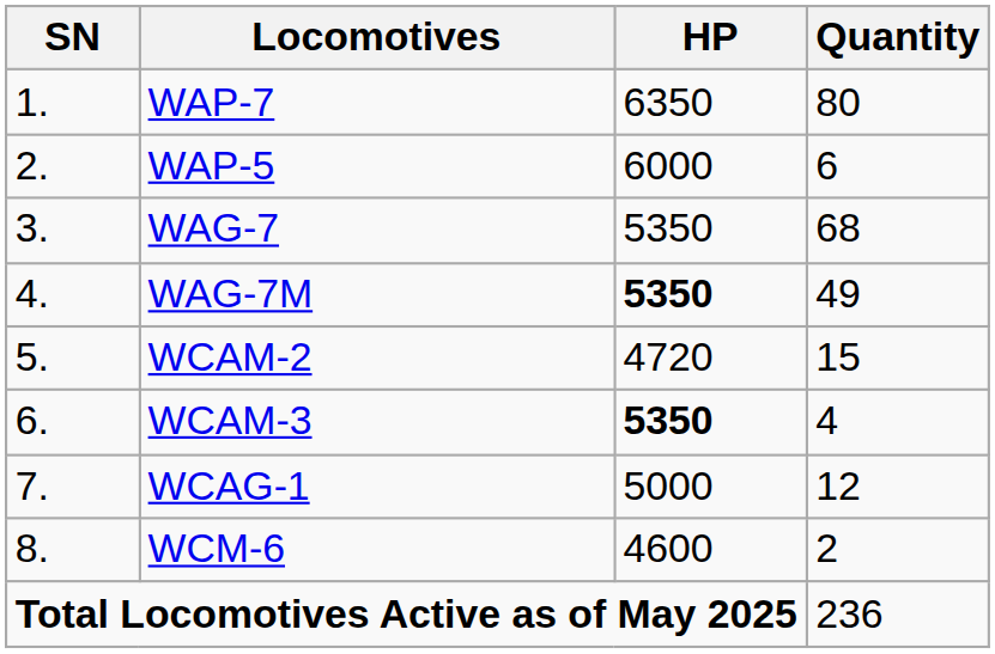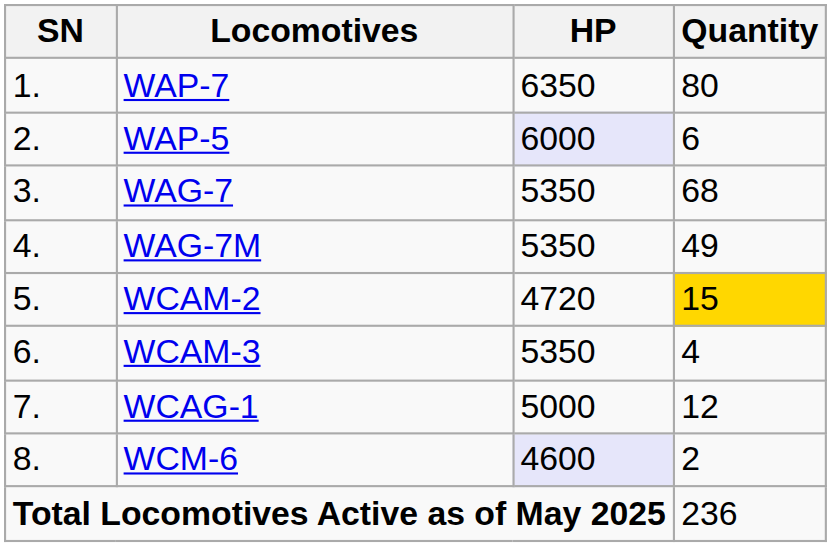 <table class="wikitable">
 <tr>
 <th>SN</th>
 <th>Locomotives</th>
 <th>HP</th>
 <th>Quantity</th>
 </tr>
 <tr>
 <td>1.</td>
 <td><a href='#'>WAP-7</a></td>
 <td>6350</td>
 <td>80</td>
 </tr>
 <tr>
 <td>2.</td>
 <td><a href='#'>WAP-5</a></td>
-<td>6000</td>
+<td style="background: lavender;">6000</td>
 <td>6</td>
 </tr>
 <tr>
 <td>3.</td>
 <td><a href='#'>WAG-7</a></td>
 <td>5350</td>
 <td>68</td>
 </tr>
 <tr>
 <td>4.</td>
 <td><a href='#'>WAG-7M</a></td>
-<td><strong>5350</strong></td>
+<td>5350</td>
 <td>49</td>
 </tr>
 <tr>
 <td>5.</td>
 <td><a href='#'>WCAM-2</a></td>
 <td>4720</td>
-<td>15</td>
+<td style="background: gold;">15</td>
 </tr>
 <tr>
 <td>6.</td>
 <td><a href='#'>WCAM-3</a></td>
-<td><strong>5350</strong></td>
+<td>5350</td>
 <td>4</td>
 </tr>
 <tr>
 <td>7.</td>
 <td><a href='#'>WCAG-1</a></td>
 <td>5000</td>
 <td>12</td>
 </tr>
 <tr>
 <td>8.</td>
 <td><a href='#'>WCM-6</a></td>
-<td>4600</td>
+<td style="background: lavender;">4600</td>
 <td>2</td>
 </tr>
 <tr>
 <td colspan="3"><strong>Total Locomotives Active as of May 2025</strong> </td>
 <td>236</td>
 </tr>
 </table>
